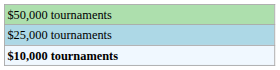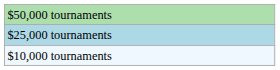 <table class="wikitable" style="font-size:85%; width:15%;">
 <tr style="background:#addfad;">
 <td>$50,000 tournaments</td>
 </tr>
 <tr style="background:lightblue;">
 <td>$25,000 tournaments</td>
 </tr>
 <tr style="background:#f0f8ff;">
-<td><strong>$10,000 tournaments</strong></td>
+<td>$10,000 tournaments</td>
 </tr>
 </table>
